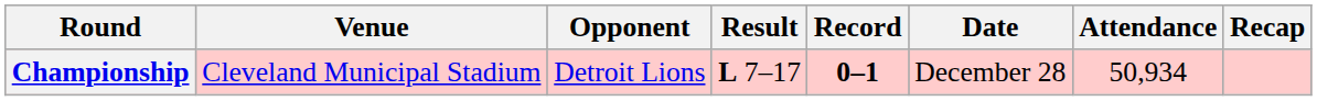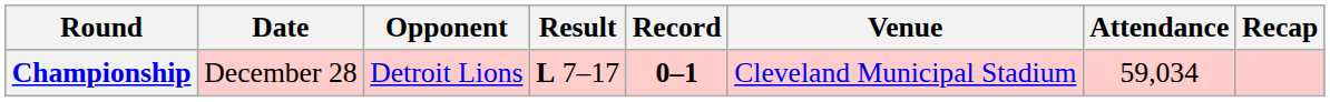 <table class="wikitable" style="text-align:center">
 <tr>
 <th>Round</th>
-<th>Venue</th>
+<th>Date</th>
 <th>Opponent</th>
 <th>Result</th>
 <th>Record</th>
-<th>Date</th>
+<th>Venue</th>
 <th>Attendance</th>
 <th>Recap</th>
 </tr>
 <tr style="background:#fcc">
 <th><a href='#'>Championship</a></th>
-<td><a href='#'>Cleveland Municipal Stadium</a></td>
+<td>December 28</td>
 <td><a href='#'>Detroit Lions</a></td>
 <td><strong>L</strong> 7–17</td>
 <td><strong>0–1</strong></td>
-<td>December 28</td>
-<td>50,934</td>
+<td><a href='#'>Cleveland Municipal Stadium</a></td>
+<td>59,034</td>
 <td></td>
 </tr>
 </table>
